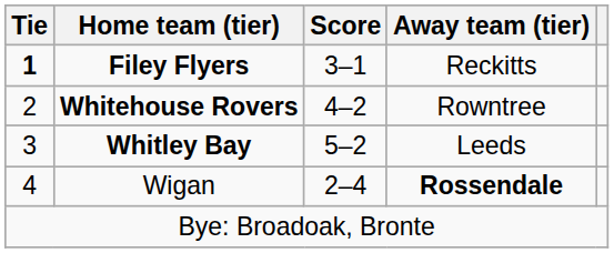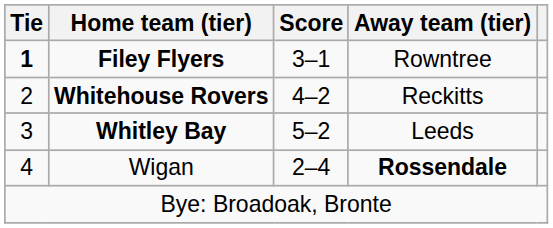 <table class="wikitable" style="text-align:center; font-size:85%">
 <tr>
 <th>Tie</th>
 <th>Home team (tier)</th>
 <th>Score</th>
 <th>Away team (tier)</th>
 <th></th>
 </tr>
 <tr>
 <td align="center"><strong>1</strong></td>
 <td><strong>Filey Flyers</strong></td>
 <td align="center">3–1</td>
-<td>Reckitts</td>
+<td>Rowntree</td>
 <td></td>
 </tr>
 <tr>
 <td align="center">2</td>
 <td><strong>Whitehouse Rovers</strong></td>
 <td align="center">4–2</td>
-<td>Rowntree</td>
+<td>Reckitts</td>
 <td></td>
 </tr>
 <tr>
 <td align="center">3</td>
 <td><strong>Whitley Bay</strong></td>
 <td align="center">5–2</td>
 <td>Leeds</td>
 <td></td>
 </tr>
 <tr>
 <td align="center">4</td>
 <td>Wigan</td>
 <td align="center">2–4</td>
 <td><strong>Rossendale</strong></td>
 <td></td>
 </tr>
 <tr>
 <td colspan="5" align="center">Bye: Broadoak, Bronte</td>
 </tr>
 </table>
